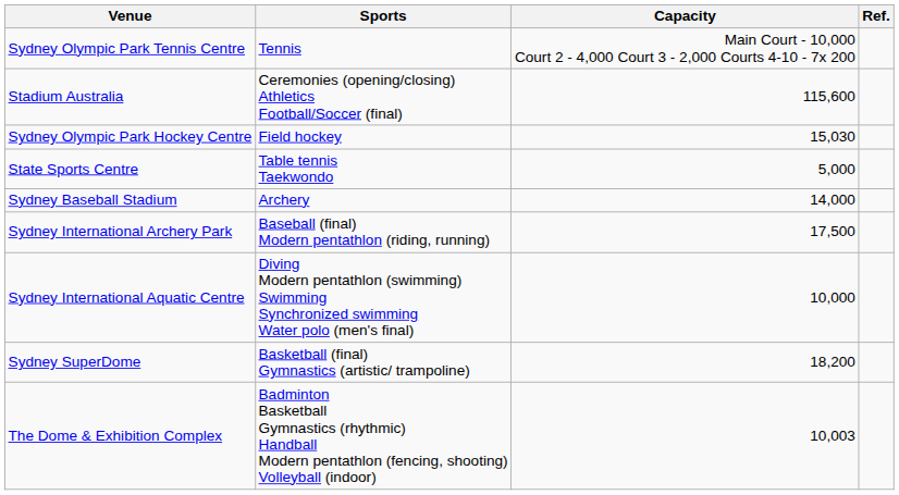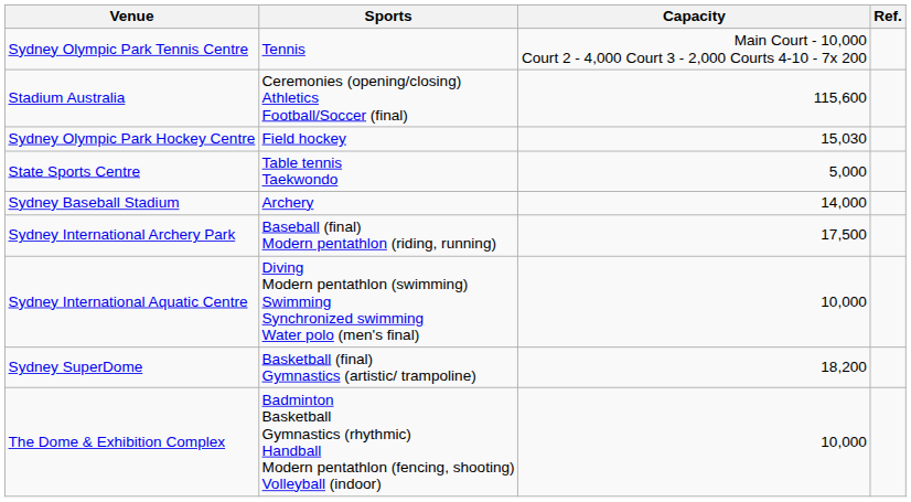 <table class="wikitable sortable">
 <tr>
 <th>Venue</th>
 <th>Sports</th>
 <th>Capacity</th>
 <th class="unsortable">Ref.</th>
 </tr>
 <tr>
 <td><a href='#'>Sydney Olympic Park Tennis Centre</a></td>
 <td><a href='#'>Tennis</a></td>
 <td align="right">Main Court - 10,000<br>Court 2 - 4,000 Court 3 - 2,000 Courts 4-10 - 7x 200</td>
 <td align=center></td>
 </tr>
 <tr>
 <td><a href='#'>Stadium Australia</a></td>
 <td>Ceremonies (opening/closing)<br><a href='#'>Athletics</a><br><a href='#'>Football/Soccer</a> (final)</td>
 <td align="right">115,600</td>
 <td align=center></td>
 </tr>
 <tr>
 <td><a href='#'>Sydney Olympic Park Hockey Centre</a></td>
 <td><a href='#'>Field hockey</a></td>
 <td align="right">15,030</td>
 <td align=center></td>
 </tr>
 <tr>
 <td><a href='#'>State Sports Centre</a></td>
 <td><a href='#'>Table tennis</a><br><a href='#'>Taekwondo</a></td>
 <td align="right">5,000</td>
 <td align=center></td>
 </tr>
 <tr>
 <td><a href='#'>Sydney Baseball Stadium</a></td>
 <td><a href='#'>Archery</a></td>
 <td align="right">14,000</td>
 <td align=center></td>
 </tr>
 <tr>
 <td><a href='#'>Sydney International Archery Park</a></td>
 <td><a href='#'>Baseball</a> (final)<br><a href='#'>Modern pentathlon</a> (riding, running)</td>
 <td align="right">17,500</td>
 <td align=center></td>
 </tr>
 <tr>
 <td><a href='#'>Sydney International Aquatic Centre</a></td>
 <td><a href='#'>Diving</a><br>Modern pentathlon (swimming)<br><a href='#'>Swimming</a><br><a href='#'>Synchronized swimming</a><br><a href='#'>Water polo</a> (men's final)</td>
 <td align="right">10,000</td>
 <td align=center></td>
 </tr>
 <tr>
 <td><a href='#'>Sydney SuperDome</a></td>
 <td><a href='#'>Basketball</a> (final)<br><a href='#'>Gymnastics</a> (artistic/ trampoline)</td>
 <td align="right">18,200</td>
 <td align=center></td>
 </tr>
 <tr>
 <td><a href='#'>The Dome & Exhibition Complex</a></td>
 <td><a href='#'>Badminton</a><br>Basketball<br>Gymnastics (rhythmic)<br><a href='#'>Handball</a><br>Modern pentathlon (fencing, shooting)<br><a href='#'>Volleyball</a> (indoor)</td>
-<td align="right">10,003</td>
+<td align="right">10,000</td>
 <td align=center></td>
 </tr>
 </table>
